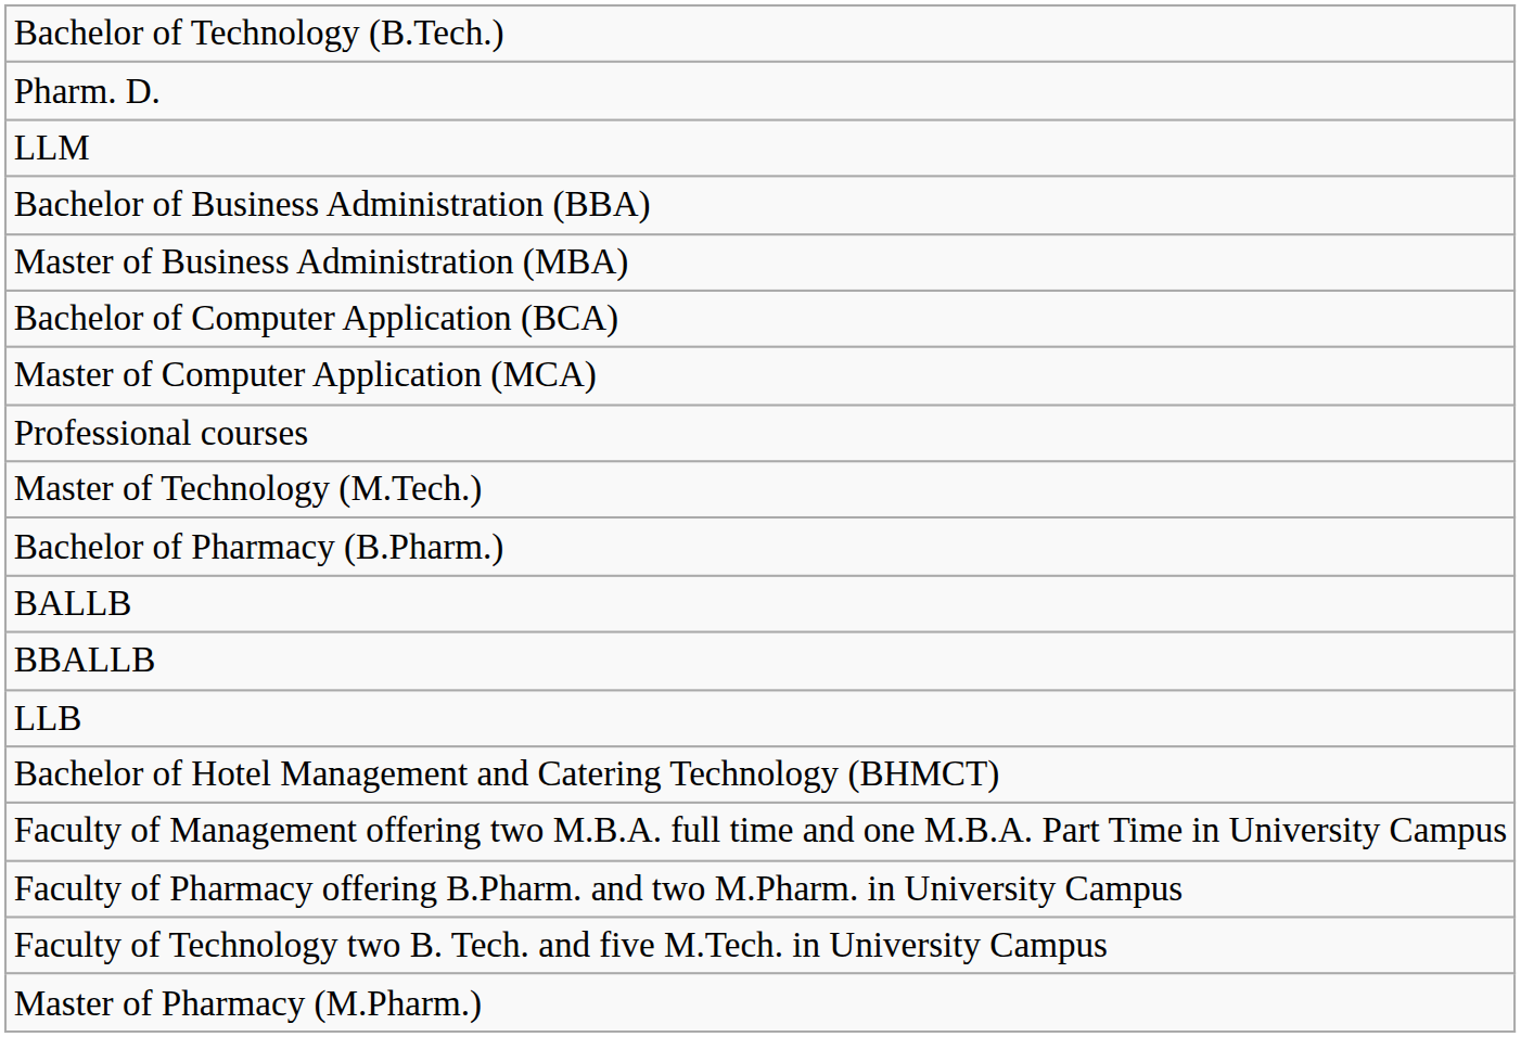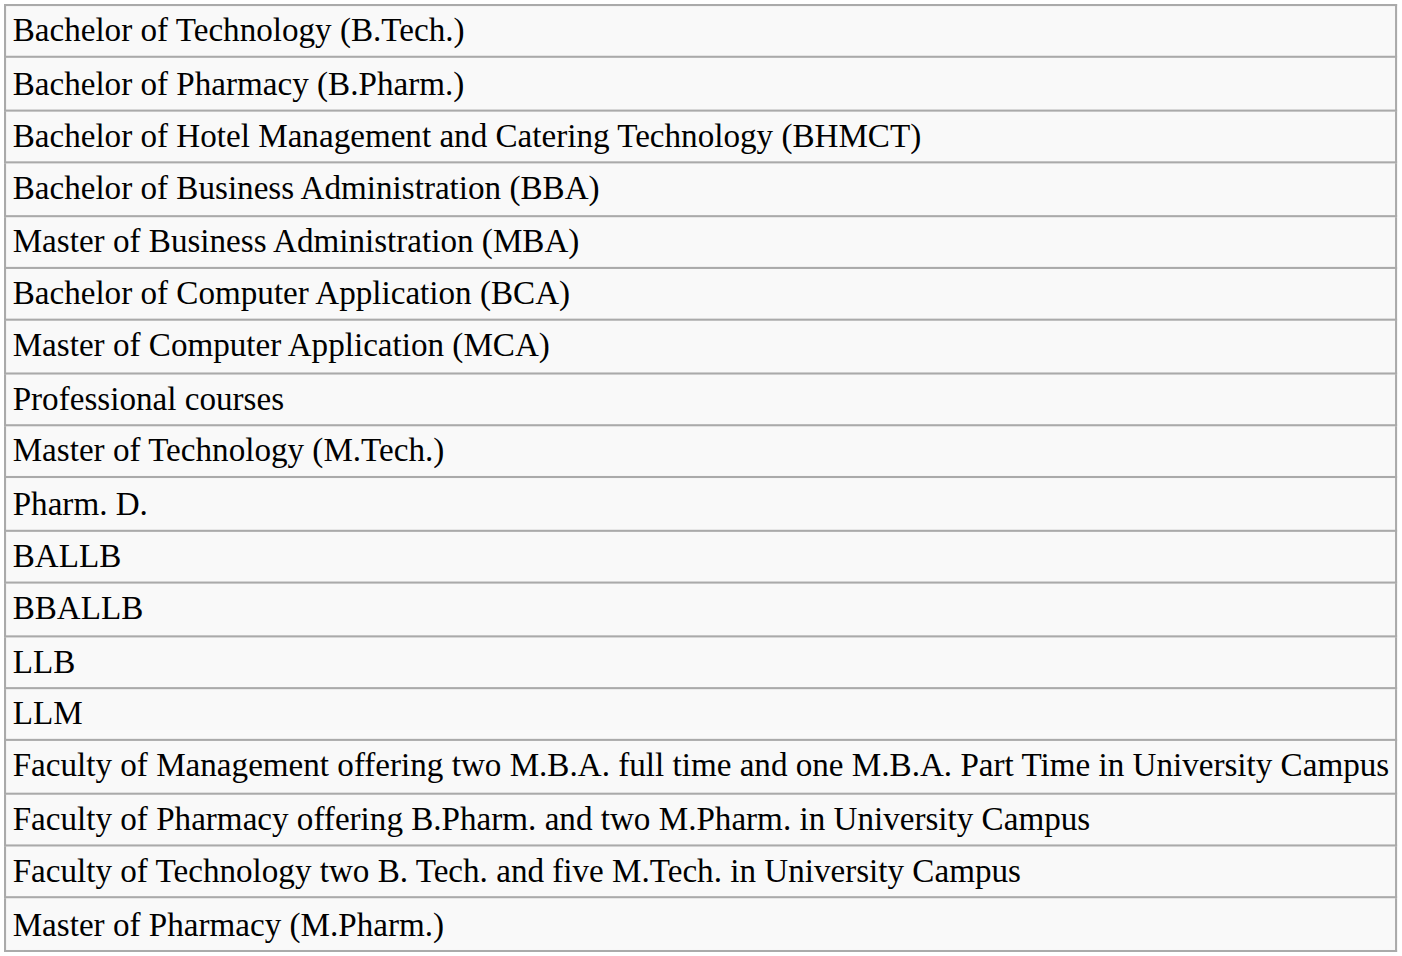 <table class="wikitable">
 <tr>
 <td>Bachelor of Technology (B.Tech.)</td>
 </tr>
 <tr>
-<td>Pharm. D.</td>
+<td>Bachelor of Pharmacy (B.Pharm.)</td>
 </tr>
 <tr>
-<td>LLM</td>
+<td>Bachelor of Hotel Management and Catering Technology (BHMCT)</td>
 </tr>
 <tr>
 <td>Bachelor of Business Administration (BBA)</td>
 </tr>
 <tr>
 <td>Master of Business Administration (MBA)</td>
 </tr>
 <tr>
 <td>Bachelor of Computer Application (BCA)</td>
 </tr>
 <tr>
 <td>Master of Computer Application (MCA)</td>
 </tr>
 <tr>
 <td>Professional courses</td>
 </tr>
 <tr>
 <td>Master of Technology (M.Tech.)</td>
 </tr>
 <tr>
-<td>Bachelor of Pharmacy (B.Pharm.)</td>
+<td>Pharm. D.</td>
 </tr>
 <tr>
 <td>BALLB</td>
 </tr>
 <tr>
 <td>BBALLB</td>
 </tr>
 <tr>
 <td>LLB</td>
 </tr>
 <tr>
-<td>Bachelor of Hotel Management and Catering Technology (BHMCT)</td>
+<td>LLM</td>
 </tr>
 <tr>
 <td>Faculty of Management offering two M.B.A. full time and one M.B.A. Part Time in University Campus</td>
 </tr>
 <tr>
 <td>Faculty of Pharmacy offering B.Pharm. and two M.Pharm. in University Campus</td>
 </tr>
 <tr>
 <td>Faculty of Technology two B. Tech. and five M.Tech. in University Campus</td>
 </tr>
 <tr>
 <td>Master of Pharmacy (M.Pharm.)</td>
 </tr>
 </table>
